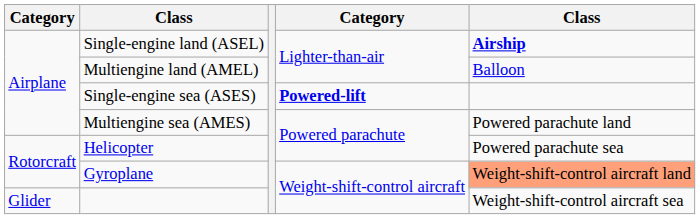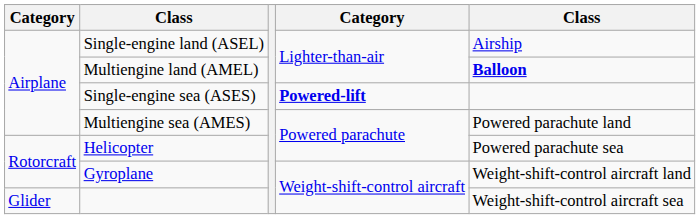 <table class=wikitable>
 <tr>
 <th>Category</th>
 <th>Class</th>
 <th rowspan=8></th>
 <th>Category</th>
 <th>Class</th>
 </tr>
 <tr>
 <td rowspan=4><a href='#'>Airplane</a></td>
 <td>Single-engine land (ASEL)</td>
 <td rowspan=2><a href='#'>Lighter-than-air</a></td>
-<td><strong><a href='#'>Airship</a></strong></td>
+<td><a href='#'>Airship</a></td>
 </tr>
 <tr>
 <td>Multiengine land (AMEL)</td>
-<td><a href='#'>Balloon</a></td>
+<td><strong><a href='#'>Balloon</a></strong></td>
 </tr>
 <tr>
 <td>Single-engine sea (ASES)</td>
 <td><strong><a href='#'>Powered-lift</a></strong></td>
 <td></td>
 </tr>
 <tr>
 <td>Multiengine sea (AMES)</td>
 <td rowspan=2><a href='#'>Powered parachute</a></td>
 <td>Powered parachute land</td>
 </tr>
 <tr>
 <td rowspan=2><a href='#'>Rotorcraft</a></td>
 <td><a href='#'>Helicopter</a></td>
 <td>Powered parachute sea</td>
 </tr>
 <tr>
 <td><a href='#'>Gyroplane</a></td>
 <td rowspan=2><a href='#'>Weight-shift-control aircraft</a></td>
-<td style="background: lightsalmon;">Weight-shift-control aircraft land</td>
+<td>Weight-shift-control aircraft land</td>
 </tr>
 <tr>
 <td><a href='#'>Glider</a></td>
 <td></td>
 <td>Weight-shift-control aircraft sea</td>
 </tr>
 </table>
